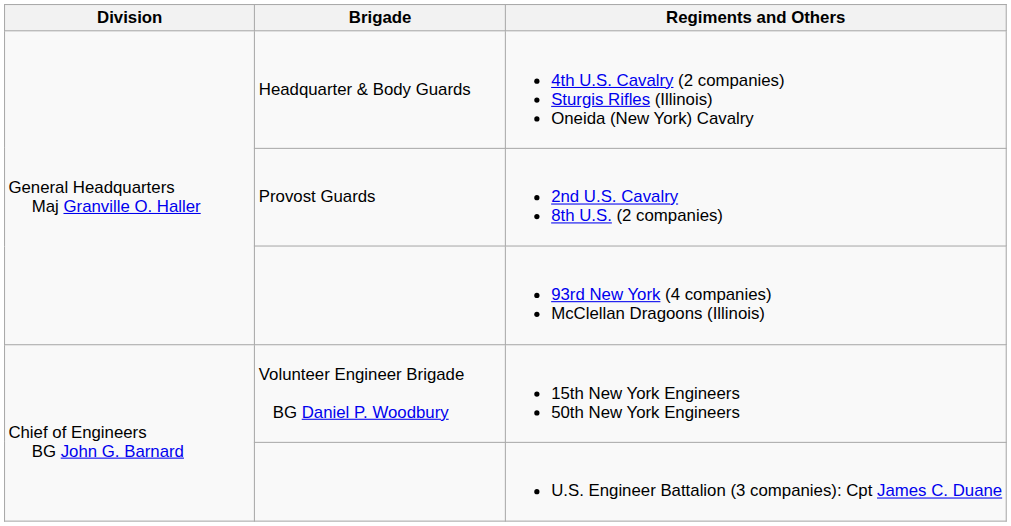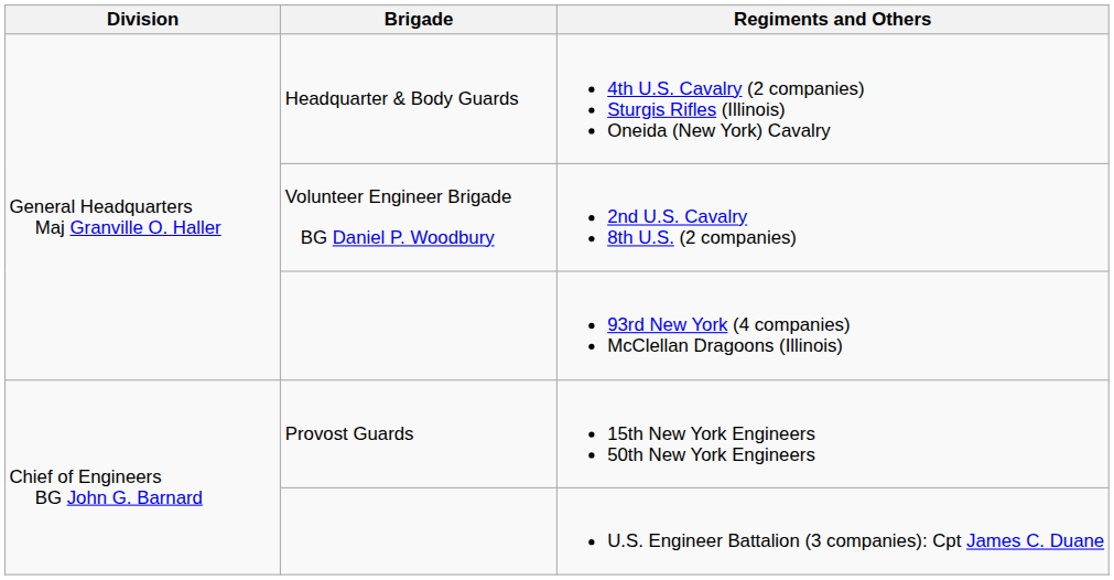 <table class="wikitable">
 <tr>
 <th style="width:25%;">Division</th>
 <th style="width:25%;">Brigade</th>
 <th>Regiments and Others</th>
 </tr>
 <tr>
 <td rowspan=3><br>General Headquarters <br>     Maj <a href='#'>Granville O. Haller</a></td>
 <td>Headquarter & Body Guards</td>
 <td><br><ul><li><a href='#'>4th U.S. Cavalry</a> (2 companies)</li><li><a href='#'>Sturgis Rifles</a> (Illinois)</li><li>Oneida (New York) Cavalry</li></ul></td>
 </tr>
 <tr>
-<td>Provost Guards</td>
+<td>Volunteer Engineer Brigade<br><br>   BG <a href='#'>Daniel P. Woodbury</a></td>
 <td><br><ul><li><a href='#'>2nd U.S. Cavalry</a></li><li><a href='#'>8th U.S.</a> (2 companies)</li></ul></td>
 </tr>
 <tr>
 <td></td>
 <td><br><ul><li><a href='#'>93rd New York</a> (4 companies)</li><li>McClellan Dragoons (Illinois)</li></ul></td>
 </tr>
 <tr>
 <td rowspan=2><br>Chief of Engineers <br>     BG <a href='#'>John G. Barnard</a></td>
-<td>Volunteer Engineer Brigade<br><br>   BG <a href='#'>Daniel P. Woodbury</a></td>
+<td>Provost Guards</td>
 <td><br><ul><li>15th New York Engineers</li><li>50th New York Engineers</li></ul></td>
 </tr>
 <tr>
 <td></td>
 <td><br><ul><li>U.S. Engineer Battalion (3 companies): Cpt <a href='#'>James C. Duane</a></li></ul></td>
 </tr>
 </table>
